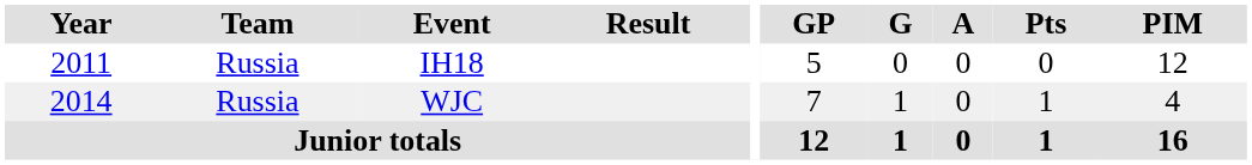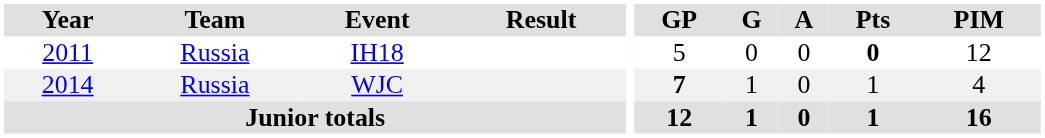 <table border="0" cellpadding="1" cellspacing="0" ID="Table3" style="text-align:center; width:40em">
 <tr ALIGN="center" bgcolor="#e0e0e0">
 <th>Year</th>
 <th>Team</th>
 <th>Event</th>
 <th>Result</th>
 <th rowspan="99" bgcolor="#ffffff"></th>
 <th>GP</th>
 <th>G</th>
 <th>A</th>
 <th>Pts</th>
 <th>PIM</th>
 </tr>
 <tr>
 <td><a href='#'>2011</a></td>
 <td><a href='#'>Russia</a></td>
 <td><a href='#'>IH18</a></td>
 <td></td>
 <td>5</td>
 <td>0</td>
 <td>0</td>
-<td>0</td>
+<td><strong>0</strong></td>
 <td>12</td>
 </tr>
 <tr bgcolor="#f0f0f0">
 <td><a href='#'>2014</a></td>
 <td><a href='#'>Russia</a></td>
 <td><a href='#'>WJC</a></td>
 <td></td>
-<td>7</td>
+<td><strong>7</strong></td>
 <td>1</td>
 <td>0</td>
 <td>1</td>
 <td>4</td>
 </tr>
 <tr bgcolor="#e0e0e0">
 <th colspan="4">Junior totals</th>
 <th>12</th>
 <th>1</th>
 <th>0</th>
 <th>1</th>
 <th>16</th>
 </tr>
 </table>
